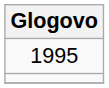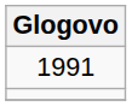 <table class="wikitable" style="margin: 0.5em auto; text-align: center;">
 <tr>
 <th colspan="1">Glogovo</th>
 </tr>
 <tr>
-<td>1995</td>
+<td>1991</td>
 </tr>
 <tr>
 <td></td>
 </tr>
 <tr>
 </tr>
 </table>
